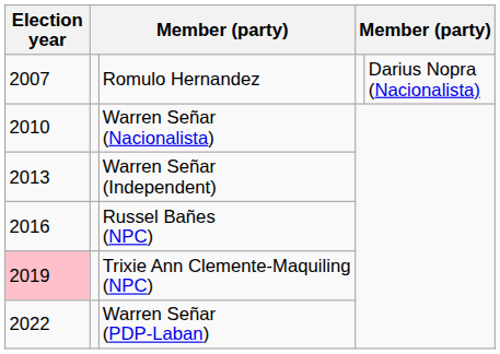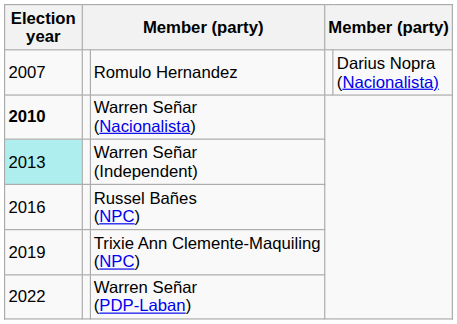 <table class=wikitable style="font-size:90%">
 <tr>
 <th width=60px>Election<br>year</th>
 <th colspan=2 width=140px>Member (party)</th>
 <th colspan="2">Member (party)</th>
 </tr>
 <tr>
 <td>2007</td>
 <td></td>
 <td>Romulo Hernandez</td>
 <td></td>
 <td>Darius Nopra<br>(<a href='#'>Nacionalista)</a></td>
 </tr>
 <tr>
-<td>2010</td>
+<td><strong>2010</strong></td>
 <td></td>
 <td>Warren Señar<br>(<a href='#'>Nacionalista</a>)</td>
 </tr>
 <tr>
-<td>2013</td>
+<td style="background: paleturquoise;">2013</td>
 <td></td>
 <td>Warren Señar<br>(Independent)</td>
 </tr>
 <tr>
 <td>2016</td>
 <td></td>
 <td>Russel Bañes<br>(<a href='#'>NPC</a>)</td>
 </tr>
 <tr>
-<td style="background: pink;">2019</td>
+<td>2019</td>
 <td></td>
 <td>Trixie Ann Clemente-Maquiling<br>(<a href='#'>NPC</a>)</td>
 </tr>
 <tr>
 <td>2022</td>
 <td></td>
 <td>Warren Señar<br>(<a href='#'>PDP-Laban</a>)</td>
 </tr>
 </table>
